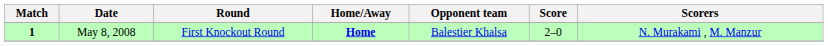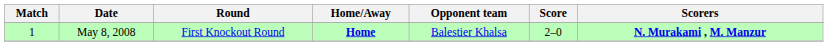 <table class="wikitable" width=90%>
 <tr>
 <th>Match</th>
 <th>Date</th>
 <th>Round</th>
 <th>Home/Away</th>
 <th>Opponent team</th>
 <th>Score</th>
 <th width=30%>Scorers</th>
 </tr>
 <tr>
 </tr>
 <tr bgcolor="#bbffbb">
-<td style="text-align: center"><strong>1</strong></td>
+<td style="text-align: center">1</td>
 <td style="text-align: center">May 8, 2008</td>
 <td style="text-align: center"><a href='#'>First Knockout Round</a></td>
 <td style="text-align: center"><strong><a href='#'>Home</a></strong></td>
 <td style="text-align: center"><a href='#'>Balestier Khalsa</a></td>
 <td style="text-align: center">2–0</td>
-<td style="text-align: center"><a href='#'>N. Murakami</a> , <a href='#'>M. Manzur</a> </td>
+<td style="text-align: center"><strong><a href='#'>N. Murakami</a> , <a href='#'>M. Manzur</a> </strong></td>
 </tr>
 <tr>
 </tr>
 </table>
